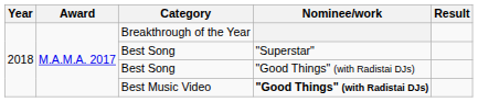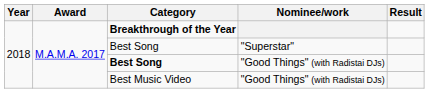 <table class="wikitable">
 <tr>
 <th>Year</th>
 <th>Award</th>
 <th>Category</th>
 <th>Nominee/work</th>
 <th>Result</th>
 </tr>
 <tr>
 <td rowspan="4">2018</td>
 <td rowspan="4"><a href='#'>M.A.M.A. 2017</a></td>
-<td>Breakthrough of the Year</td>
+<td><strong>Breakthrough of the Year</strong></td>
 <th rowspan="1"></th>
 <td></td>
 </tr>
 <tr>
 <td>Best Song</td>
 <td>"Superstar"</td>
 <td></td>
 </tr>
 <tr>
-<td>Best Song</td>
+<td><strong>Best Song</strong></td>
 <td>"Good Things" <small>(with Radistai DJs)</small></td>
 <td></td>
 </tr>
 <tr>
 <td>Best Music Video</td>
-<td><strong>"Good Things" <small>(with Radistai DJs)</small></strong></td>
+<td>"Good Things" <small>(with Radistai DJs)</small></td>
 <td></td>
 </tr>
 </table>
